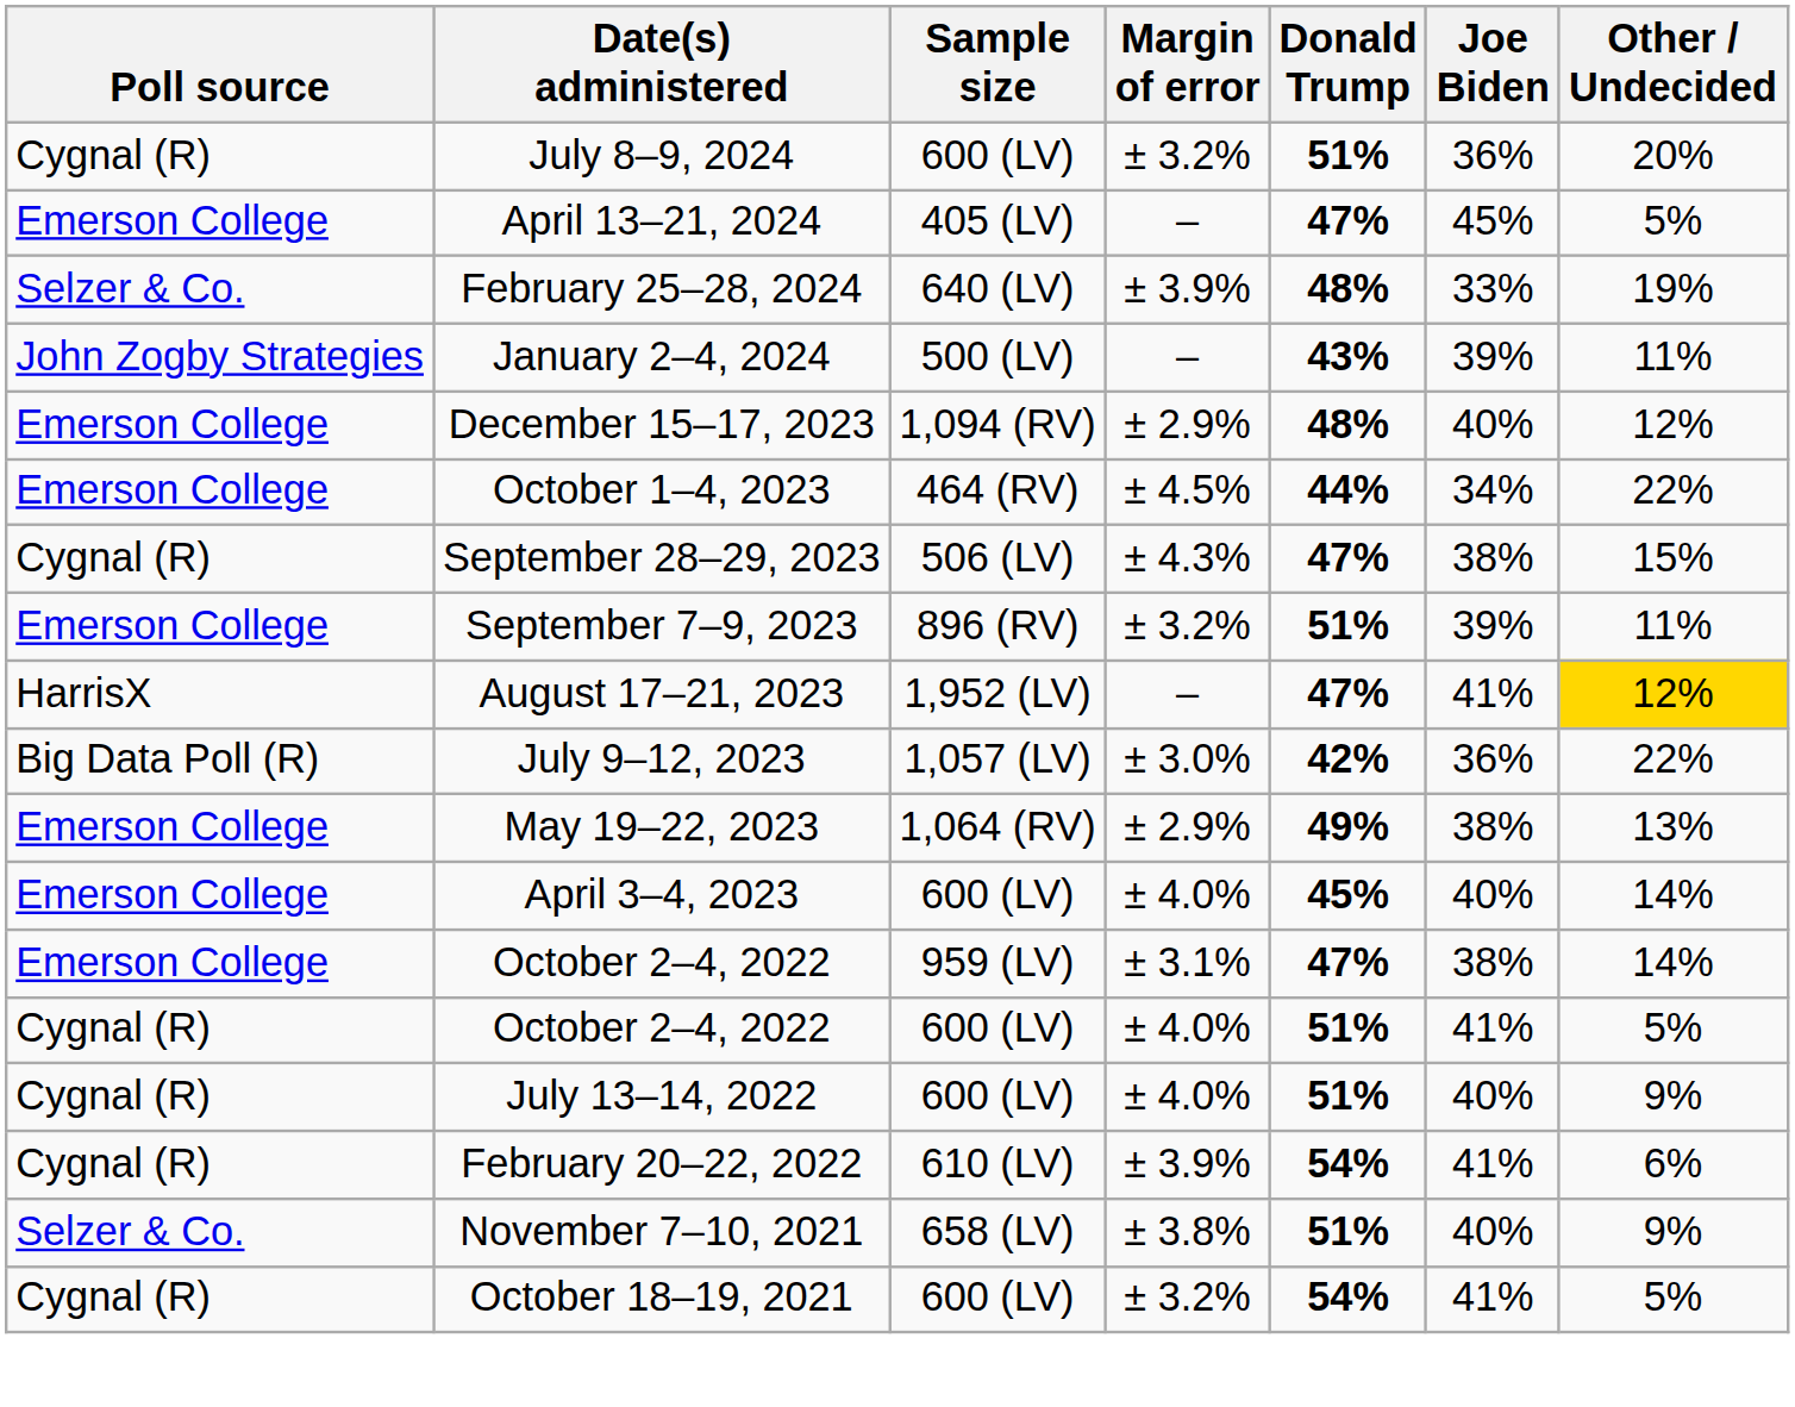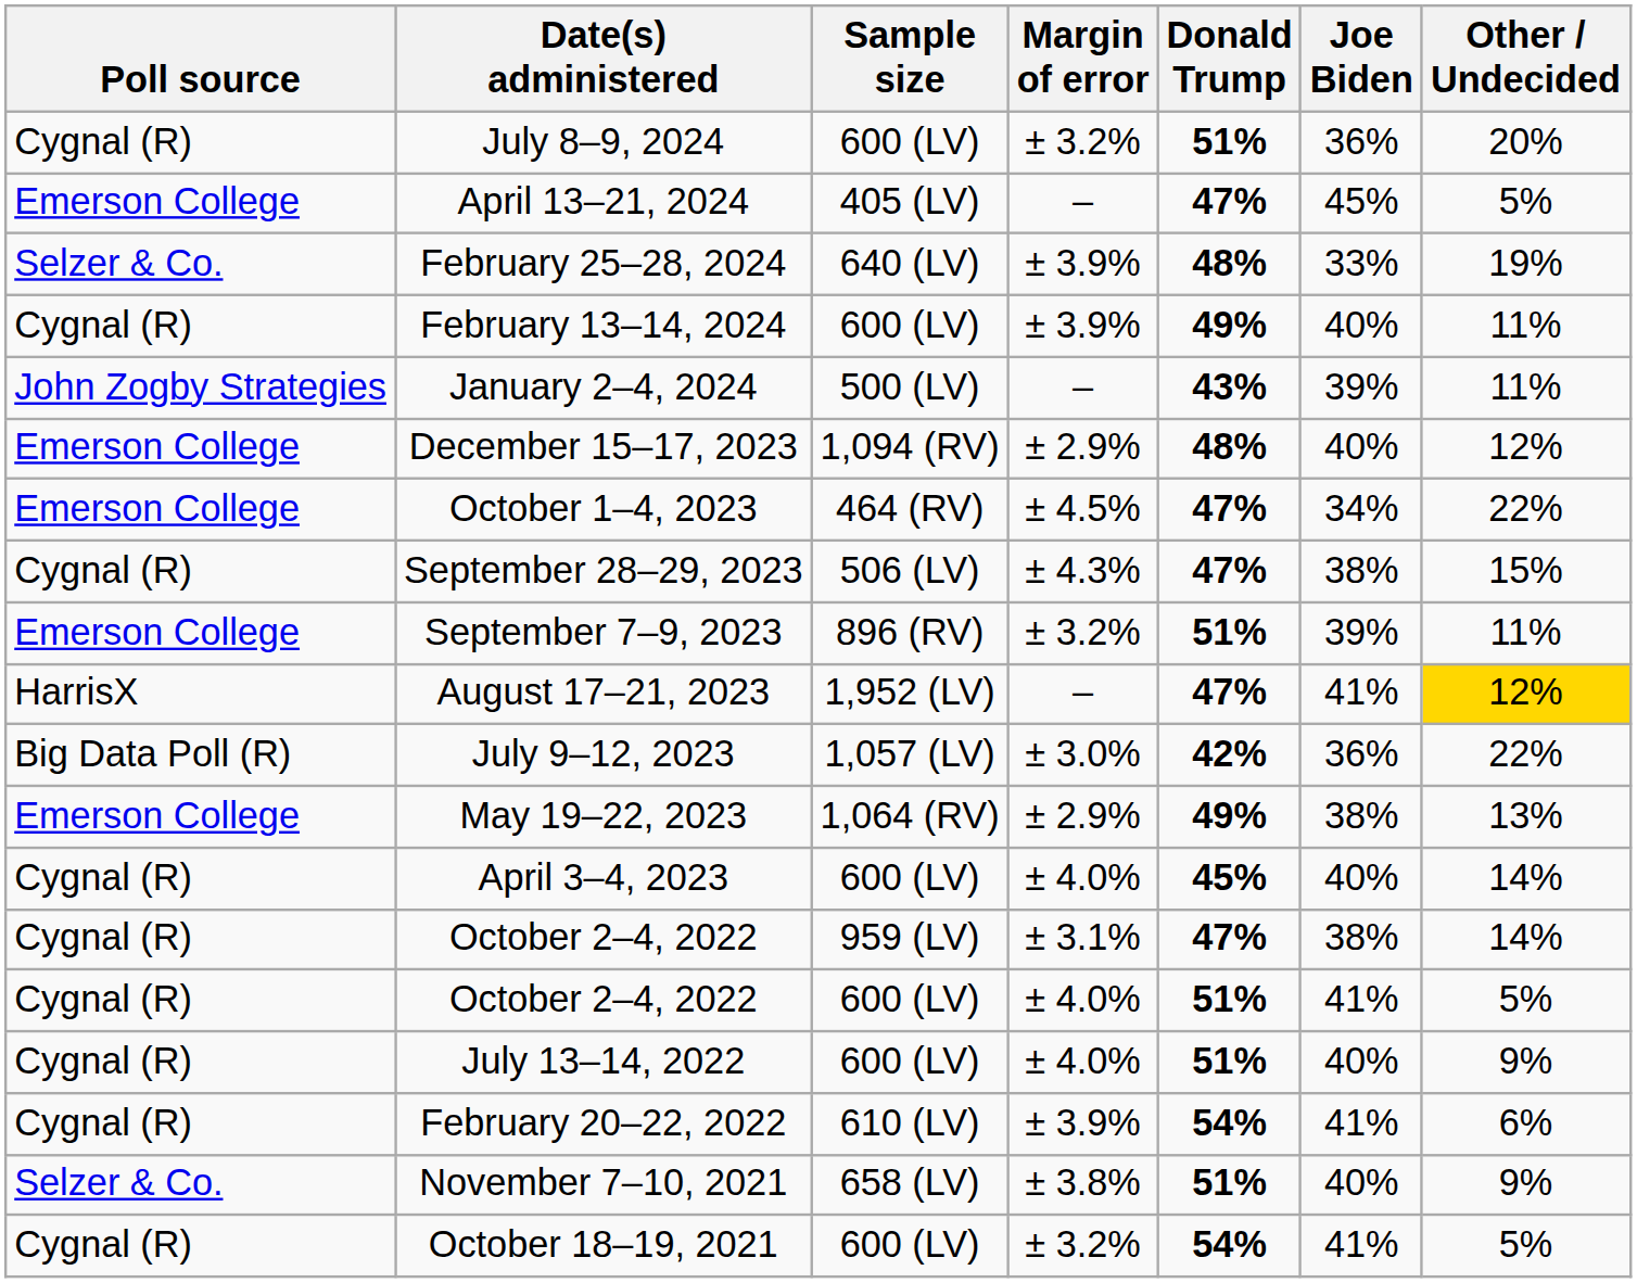 <table class="wikitable sortable mw-datatable" style="font-size:90%;text-align:center;line-height:17px">
 <tr valign=bottom>
 <th>Poll source</th>
 <th>Date(s)<br>administered</th>
 <th>Sample<br>size</th>
 <th>Margin<br>of error</th>
 <th class="unsortable">Donald<br>Trump<br></th>
 <th class="unsortable">Joe<br>Biden<br></th>
 <th class="unsortable">Other /<br>Undecided</th>
 </tr>
 <tr>
 <td style="text-align:left;">Cygnal (R)</td>
 <td data-sort-value=2024-07-15>July 8–9, 2024</td>
 <td>600 (LV)</td>
 <td>± 3.2%</td>
 <td style="background-color:"><strong>51%</strong></td>
 <td>36%</td>
 <td>20%</td>
 </tr>
 <tr>
 <td style="text-align:left;"><a href='#'>Emerson College</a></td>
 <td data-sort-value="2024-05-01">April 13–21, 2024</td>
 <td>405 (LV)</td>
 <td>–</td>
 <td style="background-color:"><strong>47%</strong></td>
 <td>45%</td>
 <td>5%</td>
 </tr>
 <tr>
 <td style="text-align:left;"><a href='#'>Selzer & Co.</a></td>
 <td data-sort-value=2024-03-05>February 25–28, 2024</td>
 <td>640 (LV)</td>
 <td>± 3.9%</td>
 <td style="background-color:"><strong>48%</strong></td>
 <td>33%</td>
 <td>19%</td>
 </tr>
 <tr>
+<td style="text-align:left;">Cygnal (R)</td>
+<td>February 13–14, 2024</td>
+<td>600 (LV)</td>
+<td>± 3.9%</td>
+<td style="background-color:"><strong>49%</strong></td>
+<td>40%</td>
+<td>11%</td>
+</tr>
+<tr>
 <td style="text-align:left;"><a href='#'>John Zogby Strategies</a></td>
 <td>January 2–4, 2024</td>
 <td>500 (LV)</td>
 <td>–</td>
 <td style="background-color:"><strong>43%</strong></td>
 <td>39%</td>
 <td>11%</td>
 </tr>
 <tr>
 <td style="text-align:left;"><a href='#'>Emerson College</a></td>
 <td>December 15–17, 2023</td>
 <td>1,094 (RV)</td>
 <td>± 2.9%</td>
 <td style="background-color:"><strong>48%</strong></td>
 <td>40%</td>
 <td>12%</td>
 </tr>
 <tr>
 <td style="text-align:left;"><a href='#'>Emerson College</a></td>
 <td>October 1–4, 2023</td>
 <td>464 (RV)</td>
 <td>± 4.5%</td>
-<td style="background-color:"><strong>44%</strong></td>
+<td style="background-color:"><strong>47%</strong></td>
 <td>34%</td>
 <td>22%</td>
 </tr>
 <tr>
 <td style="text-align:left;">Cygnal (R)</td>
 <td data-sort-value=2023-09-29>September 28–29, 2023</td>
 <td>506 (LV)</td>
 <td>± 4.3%</td>
 <td style="background-color:"><strong>47%</strong></td>
 <td>38%</td>
 <td>15%</td>
 </tr>
 <tr>
 <td style="text-align:left;"><a href='#'>Emerson College</a></td>
 <td>September 7–9, 2023</td>
 <td>896 (RV)</td>
 <td>± 3.2%</td>
 <td style="background-color:"><strong>51%</strong></td>
 <td>39%</td>
 <td>11%</td>
 </tr>
 <tr>
 <td style="text-align:left;">HarrisX</td>
 <td>August 17–21, 2023</td>
 <td>1,952 (LV)</td>
 <td>–</td>
 <td style="background-color:"><strong>47%</strong></td>
 <td>41%</td>
 <td style="background: gold;">12%</td>
 </tr>
 <tr>
 <td style="text-align:left;">Big Data Poll (R)</td>
 <td>July 9–12, 2023</td>
 <td>1,057 (LV)</td>
 <td>± 3.0%</td>
 <td style="background-color:"><strong>42%</strong></td>
 <td>36%</td>
 <td>22%</td>
 </tr>
 <tr>
 <td style="text-align:left;"><a href='#'>Emerson College</a></td>
 <td>May 19–22, 2023</td>
 <td>1,064 (RV)</td>
 <td>± 2.9%</td>
 <td style="background-color:"><strong>49%</strong></td>
 <td>38%</td>
 <td>13%</td>
 </tr>
 <tr>
-<td style="text-align:left;"><a href='#'>Emerson College</a></td>
+<td style="text-align:left;">Cygnal (R)</td>
 <td data-sort-value=2023-04-03>April 3–4, 2023</td>
 <td>600 (LV)</td>
 <td>± 4.0%</td>
 <td style="background-color:"><strong>45%</strong></td>
 <td>40%</td>
 <td>14%</td>
 </tr>
 <tr>
-<td style="text-align:left;"><a href='#'>Emerson College</a></td>
+<td style="text-align:left;">Cygnal (R)</td>
 <td data-sort-value=2022-10-04>October 2–4, 2022</td>
 <td>959 (LV)</td>
 <td>± 3.1%</td>
 <td style="background-color:"><strong>47%</strong></td>
 <td>38%</td>
 <td>14%</td>
 </tr>
 <tr>
 <td style="text-align:left;">Cygnal (R)</td>
 <td data-sort-value=2022-10-04>October 2–4, 2022</td>
 <td>600 (LV)</td>
 <td>± 4.0%</td>
 <td style="background-color:"><strong>51%</strong></td>
 <td>41%</td>
 <td>5%</td>
 </tr>
 <tr>
 <td style="text-align:left;">Cygnal (R)</td>
 <td data-sort-value=2022-07-14>July 13–14, 2022</td>
 <td>600 (LV)</td>
 <td>± 4.0%</td>
 <td style="background-color:"><strong>51%</strong></td>
 <td>40%</td>
 <td>9%</td>
 </tr>
 <tr>
 <td style="text-align:left;">Cygnal (R)</td>
 <td data-sort-value=2022-02-22>February 20–22, 2022</td>
 <td>610 (LV)</td>
 <td>± 3.9%</td>
 <td style="background-color:"><strong>54%</strong></td>
 <td>41%</td>
 <td>6%</td>
 </tr>
 <tr>
 <td style="text-align:left;"><a href='#'>Selzer & Co.</a></td>
 <td data-sort-value=2021-11-10>November 7–10, 2021</td>
 <td>658 (LV)</td>
 <td>± 3.8%</td>
 <td style="background-color:"><strong>51%</strong></td>
 <td>40%</td>
 <td>9%</td>
 </tr>
 <tr>
 <td style="text-align:left;">Cygnal (R)</td>
 <td data-sort-value=2021-10-19>October 18–19, 2021</td>
 <td>600 (LV)</td>
 <td>± 3.2%</td>
 <td style="background-color:"><strong>54%</strong></td>
 <td>41%</td>
 <td>5%</td>
 </tr>
 </table>
